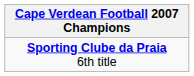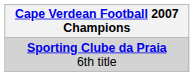 <table class="wikitable" style="margin: 0 auto; width: 240px;">
 <tr>
 <th><a href='#'>Cape Verdean Football</a> 2007<br>Champions</th>
 </tr>
 <tr>
-<td align=center><strong><a href='#'>Sporting Clube da Praia</a></strong><br>6th title</td>
+<td align=center style="background: lightgrey;"><strong><a href='#'>Sporting Clube da Praia</a></strong><br>6th title</td>
 </tr>
 </table>
